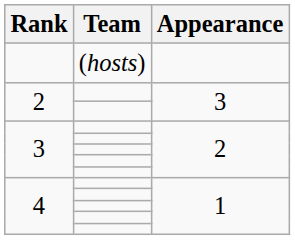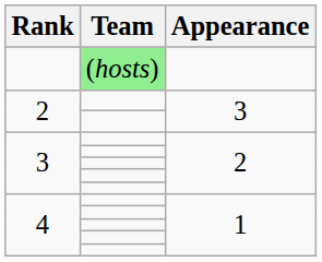 <table class=wikitable>
 <tr>
 <th>Rank</th>
 <th>Team</th>
 <th>Appearance</th>
 </tr>
 <tr>
 <td></td>
-<td> (<em>hosts</em>)</td>
+<td style="background: lightgreen;"> (<em>hosts</em>)</td>
 <td></td>
 </tr>
 <tr>
 <td rowspan=2 style="text-align:center;">2</td>
 <td></td>
 <td rowspan=2 style="text-align:center;">3</td>
 </tr>
 <tr>
 <td></td>
 </tr>
 <tr>
 <td rowspan=5 style="text-align:center;">3</td>
 <td></td>
 <td rowspan=5 style="text-align:center;">2</td>
 </tr>
 <tr>
 <td></td>
 </tr>
 <tr>
 <td></td>
 </tr>
 <tr>
 <td></td>
 </tr>
 <tr>
 <td></td>
 </tr>
 <tr>
 <td rowspan=5 style="text-align:center;">4</td>
 <td></td>
 <td rowspan=5 style="text-align:center;">1</td>
 </tr>
 <tr>
 <td></td>
 </tr>
 <tr>
 <td></td>
 </tr>
 <tr>
 <td></td>
 </tr>
 <tr>
 <td></td>
 </tr>
 </table>
